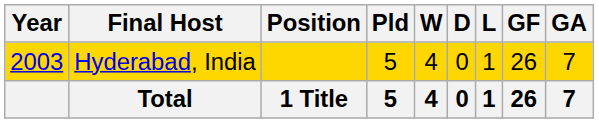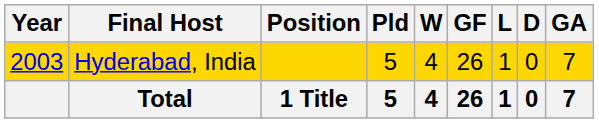 <table class="wikitable" style="text-align: center;">
 <tr>
 <th>Year</th>
 <th>Final Host</th>
 <th>Position</th>
 <th>Pld</th>
 <th>W</th>
+<th>GF</th>
+<th>L</th>
 <th>D</th>
-<th>L</th>
-<th>GF</th>
 <th>GA</th>
 </tr>
 <tr bgcolor=gold>
 <td><a href='#'>2003</a></td>
 <td align=left> <a href='#'>Hyderabad</a>, India</td>
 <td></td>
 <td>5</td>
 <td>4</td>
+<td>26</td>
+<td>1</td>
 <td>0</td>
-<td>1</td>
-<td>26</td>
 <td>7</td>
 </tr>
 <tr>
 <th></th>
 <th>Total</th>
 <th><strong>1 Title</strong></th>
 <th>5</th>
 <th>4</th>
+<th>26</th>
+<th>1</th>
 <th>0</th>
-<th>1</th>
-<th>26</th>
 <th>7</th>
 </tr>
 </table>
